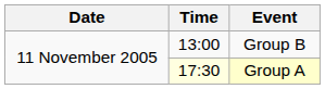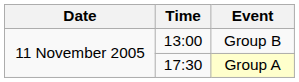 <table class = "wikitable" style="text-align:center;">
 <tr>
 <th width=150>Date</th>
 <th width=50>Time</th>
 <th width=80>Event</th>
 </tr>
 <tr>
 <td rowspan=2>11 November 2005</td>
 <td>13:00</td>
 <td>Group B</td>
 </tr>
 <tr>
-<td style="background: lightyellow;">17:30</td>
+<td>17:30</td>
 <td bgcolor=ffffcc>Group A</td>
 </tr>
 </table>
